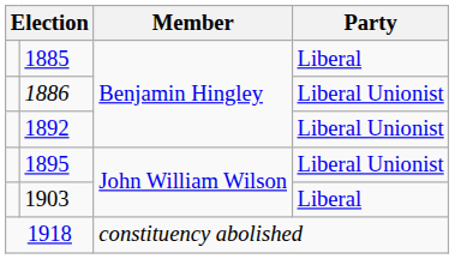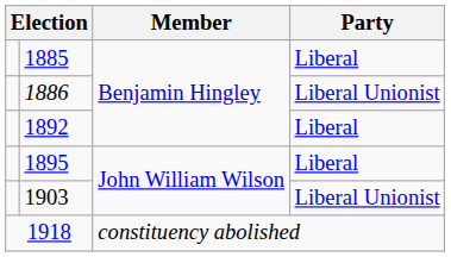 <table class="wikitable">
 <tr>
 <th colspan="2">Election</th>
 <th>Member</th>
 <th>Party</th>
 </tr>
 <tr>
 <td style="color:inherit;background-color: "></td>
 <td><a href='#'>1885</a></td>
 <td rowspan="3"><a href='#'>Benjamin Hingley</a></td>
 <td><a href='#'>Liberal</a></td>
 </tr>
 <tr>
 <td style="color:inherit;background-color: "></td>
 <td><em>1886</em></td>
 <td><a href='#'>Liberal Unionist</a></td>
 </tr>
 <tr>
 <td style="color:inherit;background-color: "></td>
 <td><a href='#'>1892</a></td>
-<td><a href='#'>Liberal Unionist</a></td>
+<td><a href='#'>Liberal</a></td>
 </tr>
 <tr>
 <td style="color:inherit;background-color: "></td>
 <td><a href='#'>1895</a></td>
 <td rowspan=2><a href='#'>John William Wilson</a></td>
-<td><a href='#'>Liberal Unionist</a></td>
+<td><a href='#'>Liberal</a></td>
 </tr>
 <tr>
 <td style="color:inherit;background-color: "></td>
 <td>1903</td>
-<td><a href='#'>Liberal</a></td>
+<td><a href='#'>Liberal Unionist</a></td>
 </tr>
 <tr>
 <td colspan="2" align="center"><a href='#'>1918</a></td>
 <td colspan="2"><em>constituency abolished</em></td>
 </tr>
 </table>
